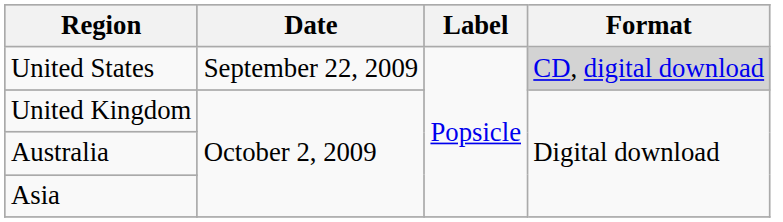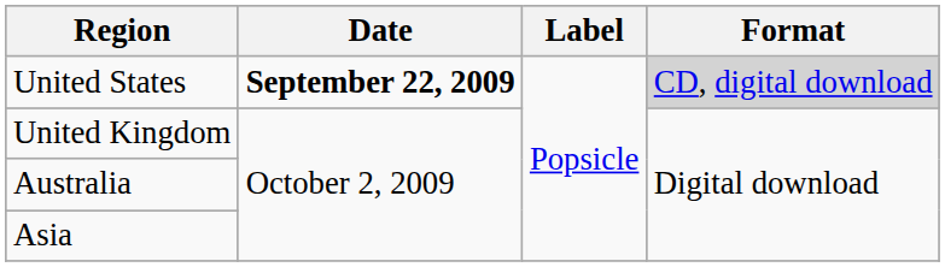 <table class="wikitable">
 <tr>
 <th>Region</th>
 <th>Date</th>
 <th>Label</th>
 <th>Format</th>
 </tr>
 <tr>
 <td>United States</td>
-<td>September 22, 2009</td>
+<td><strong>September 22, 2009</strong></td>
 <td rowspan="4"><a href='#'>Popsicle</a></td>
 <td style="background: lightgrey;"><a href='#'>CD</a>, <a href='#'>digital download</a></td>
 </tr>
 <tr>
 <td>United Kingdom</td>
 <td rowspan="3">October 2, 2009</td>
 <td rowspan="3">Digital download</td>
 </tr>
 <tr>
 <td>Australia</td>
 </tr>
 <tr>
 <td>Asia</td>
 </tr>
 </table>
